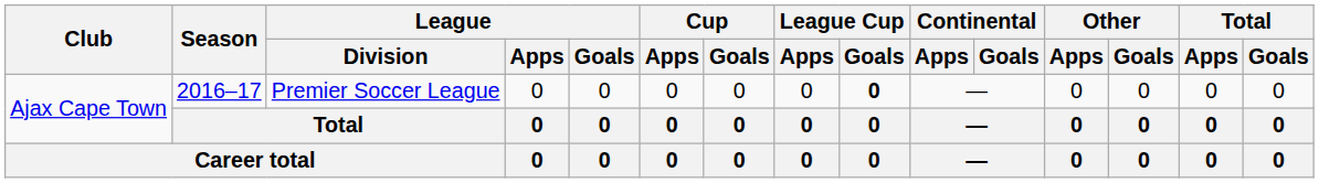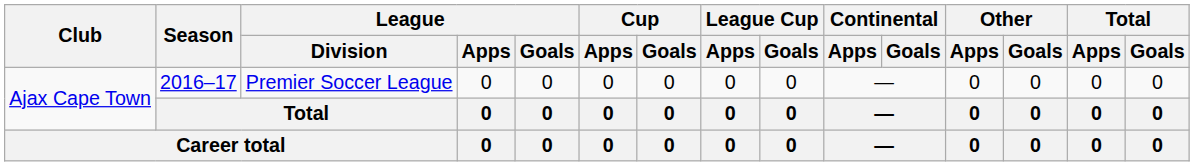 <table class="wikitable" style="text-align:center">
 <tr>
 <th rowspan="2">Club</th>
 <th rowspan="2">Season</th>
 <th colspan="3">League</th>
 <th colspan="2">Cup</th>
 <th colspan="2">League Cup</th>
 <th colspan="2">Continental</th>
 <th colspan="2">Other</th>
 <th colspan="2">Total</th>
 </tr>
 <tr>
 <th>Division</th>
 <th>Apps</th>
 <th>Goals</th>
 <th>Apps</th>
 <th>Goals</th>
 <th>Apps</th>
 <th>Goals</th>
 <th>Apps</th>
 <th>Goals</th>
 <th>Apps</th>
 <th>Goals</th>
 <th>Apps</th>
 <th>Goals</th>
 </tr>
 <tr>
 <td rowspan="2"><a href='#'>Ajax Cape Town</a></td>
 <td><a href='#'>2016–17</a></td>
 <td rowspan="1"><a href='#'>Premier Soccer League</a></td>
 <td>0</td>
 <td>0</td>
 <td>0</td>
 <td>0</td>
 <td>0</td>
-<td><strong>0</strong></td>
+<td>0</td>
 <td colspan="2">—</td>
 <td>0</td>
 <td>0</td>
 <td>0</td>
 <td>0</td>
 </tr>
 <tr>
 <th colspan="2">Total</th>
 <th>0</th>
 <th>0</th>
 <th>0</th>
 <th>0</th>
 <th>0</th>
 <th>0</th>
 <th colspan="2">—</th>
 <th>0</th>
 <th>0</th>
 <th>0</th>
 <th>0</th>
 </tr>
 <tr>
 <th colspan="3">Career total</th>
 <th>0</th>
 <th>0</th>
 <th>0</th>
 <th>0</th>
 <th>0</th>
 <th>0</th>
 <th colspan="2">—</th>
 <th>0</th>
 <th>0</th>
 <th>0</th>
 <th>0</th>
 </tr>
 </table>
